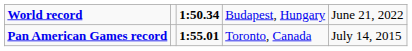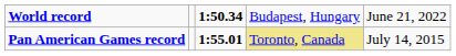 <table class="wikitable">
 <tr>
 <td><strong><a href='#'>World record</a></strong></td>
 <td></td>
 <td><strong>1:50.34</strong></td>
 <td><a href='#'>Budapest</a>, <a href='#'>Hungary</a></td>
 <td>June 21, 2022</td>
 </tr>
 <tr>
 <td><strong><a href='#'>Pan American Games record</a></strong></td>
 <td></td>
 <td><strong>1:55.01</strong></td>
-<td><a href='#'>Toronto</a>, <a href='#'>Canada</a></td>
+<td style="background: khaki;"><a href='#'>Toronto</a>, <a href='#'>Canada</a></td>
 <td>July 14, 2015</td>
 </tr>
 </table>
